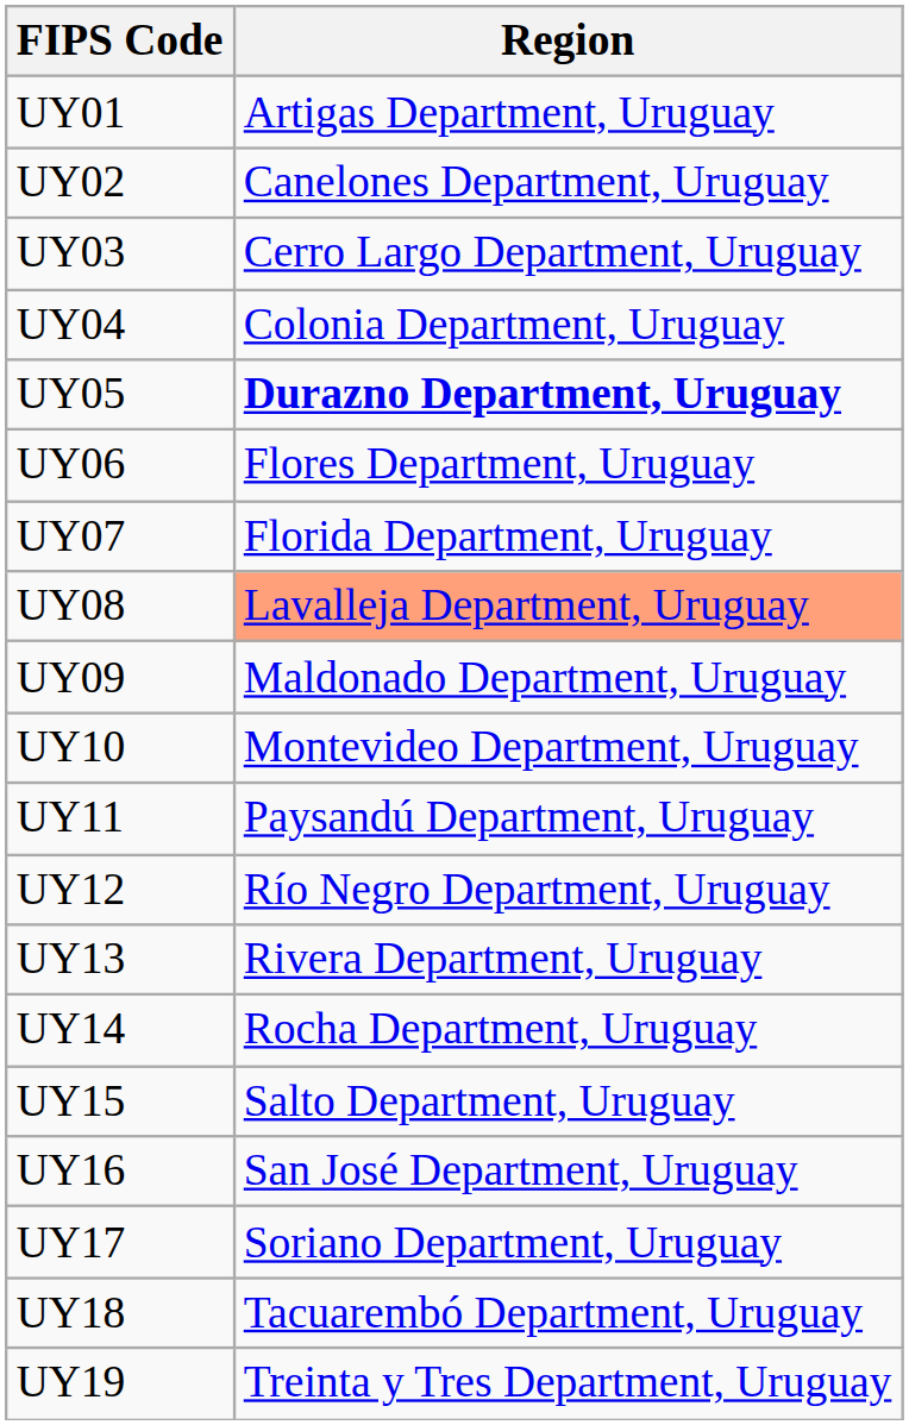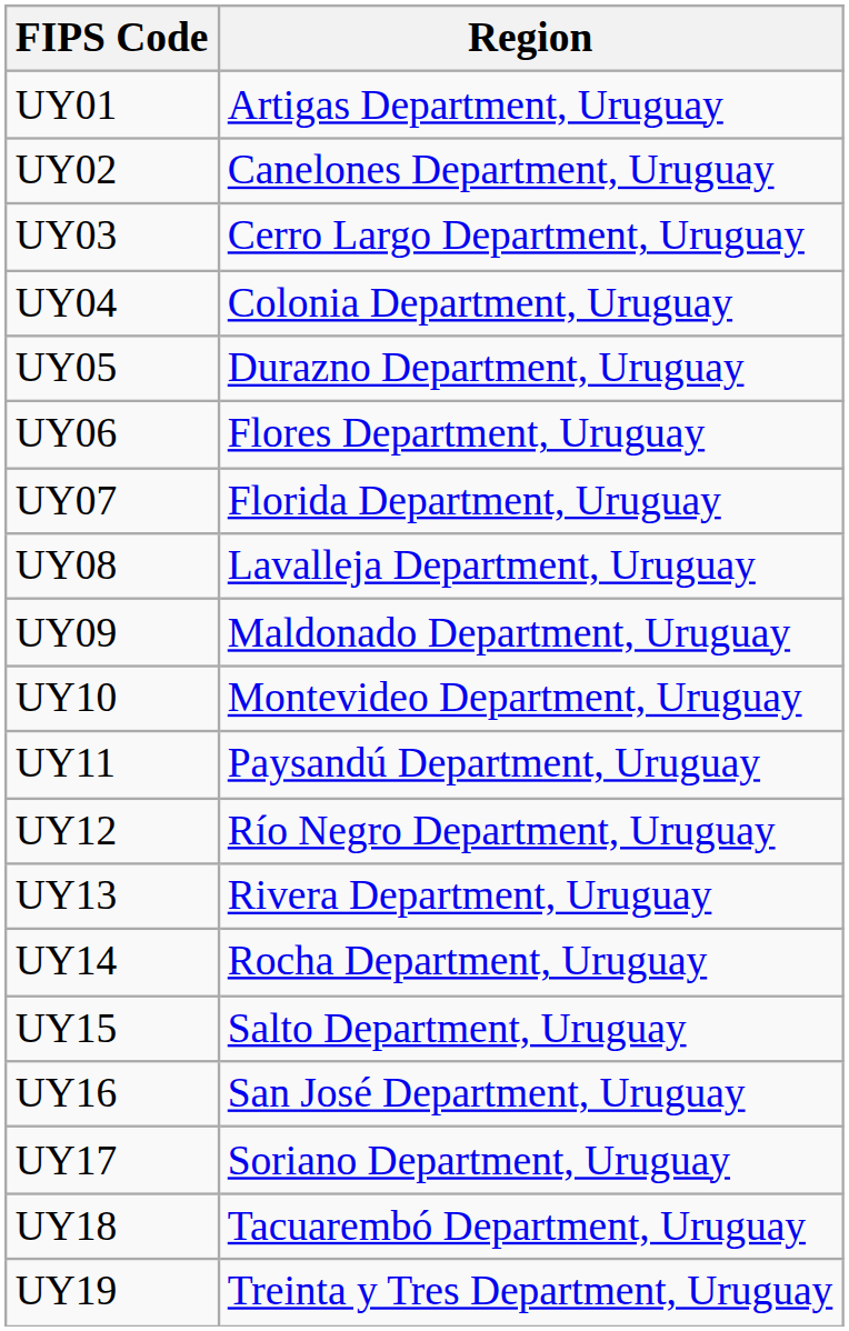 <table class="wikitable">
 <tr>
 <th>FIPS Code</th>
 <th>Region</th>
 </tr>
 <tr>
 <td>UY01</td>
 <td><a href='#'>Artigas Department, Uruguay</a></td>
 </tr>
 <tr>
 <td>UY02</td>
 <td><a href='#'>Canelones Department, Uruguay</a></td>
 </tr>
 <tr>
 <td>UY03</td>
 <td><a href='#'>Cerro Largo Department, Uruguay</a></td>
 </tr>
 <tr>
 <td>UY04</td>
 <td><a href='#'>Colonia Department, Uruguay</a></td>
 </tr>
 <tr>
 <td>UY05</td>
-<td><strong><a href='#'>Durazno Department, Uruguay</a></strong></td>
+<td><a href='#'>Durazno Department, Uruguay</a></td>
 </tr>
 <tr>
 <td>UY06</td>
 <td><a href='#'>Flores Department, Uruguay</a></td>
 </tr>
 <tr>
 <td>UY07</td>
 <td><a href='#'>Florida Department, Uruguay</a></td>
 </tr>
 <tr>
 <td>UY08</td>
-<td style="background: lightsalmon;"><a href='#'>Lavalleja Department, Uruguay</a></td>
+<td><a href='#'>Lavalleja Department, Uruguay</a></td>
 </tr>
 <tr>
 <td>UY09</td>
 <td><a href='#'>Maldonado Department, Uruguay</a></td>
 </tr>
 <tr>
 <td>UY10</td>
 <td><a href='#'>Montevideo Department, Uruguay</a></td>
 </tr>
 <tr>
 <td>UY11</td>
 <td><a href='#'>Paysandú Department, Uruguay</a></td>
 </tr>
 <tr>
 <td>UY12</td>
 <td><a href='#'>Río Negro Department, Uruguay</a></td>
 </tr>
 <tr>
 <td>UY13</td>
 <td><a href='#'>Rivera Department, Uruguay</a></td>
 </tr>
 <tr>
 <td>UY14</td>
 <td><a href='#'>Rocha Department, Uruguay</a></td>
 </tr>
 <tr>
 <td>UY15</td>
 <td><a href='#'>Salto Department, Uruguay</a></td>
 </tr>
 <tr>
 <td>UY16</td>
 <td><a href='#'>San José Department, Uruguay</a></td>
 </tr>
 <tr>
 <td>UY17</td>
 <td><a href='#'>Soriano Department, Uruguay</a></td>
 </tr>
 <tr>
 <td>UY18</td>
 <td><a href='#'>Tacuarembó Department, Uruguay</a></td>
 </tr>
 <tr>
 <td>UY19</td>
 <td><a href='#'>Treinta y Tres Department, Uruguay</a></td>
 </tr>
 </table>
